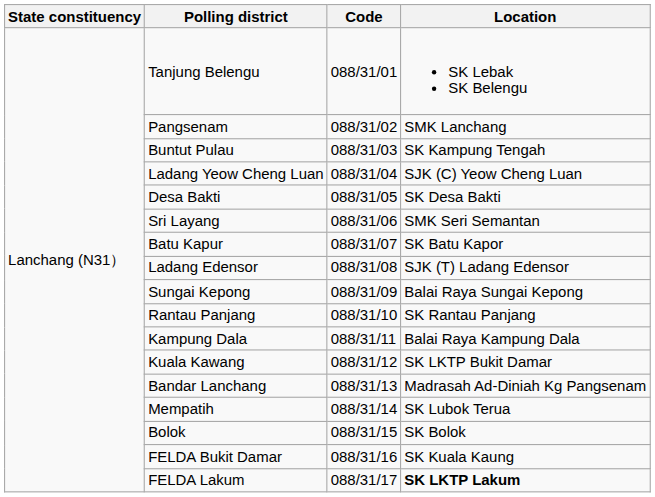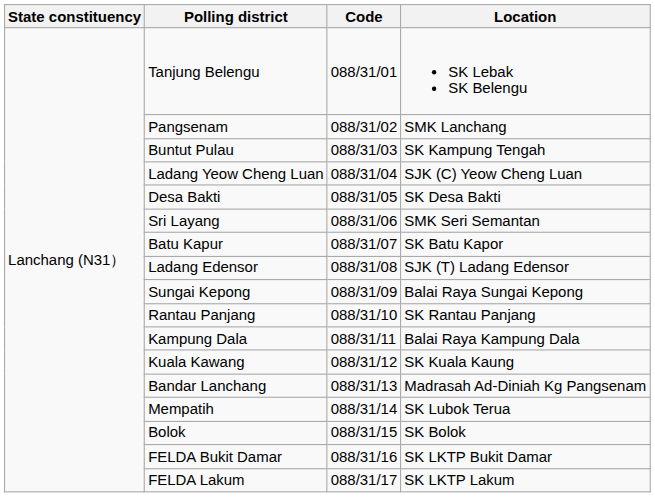 <table class="wikitable sortable mw-collapsible" style="white-space:nowrap;font-size:85%">
 <tr>
 <th>State constituency</th>
 <th>Polling district</th>
 <th>Code</th>
 <th>Location</th>
 </tr>
 <tr>
 <td rowspan="17">Lanchang (N31）</td>
 <td>Tanjung Belengu</td>
 <td>088/31/01</td>
 <td><br><ul><li>SK Lebak</li><li>SK Belengu</li></ul></td>
 </tr>
 <tr>
 <td>Pangsenam</td>
 <td>088/31/02</td>
 <td>SMK Lanchang</td>
 </tr>
 <tr>
 <td>Buntut Pulau</td>
 <td>088/31/03</td>
 <td>SK Kampung Tengah</td>
 </tr>
 <tr>
 <td>Ladang Yeow Cheng Luan</td>
 <td>088/31/04</td>
 <td>SJK (C) Yeow Cheng Luan</td>
 </tr>
 <tr>
 <td>Desa Bakti</td>
 <td>088/31/05</td>
 <td>SK Desa Bakti</td>
 </tr>
 <tr>
 <td>Sri Layang</td>
 <td>088/31/06</td>
 <td>SMK Seri Semantan</td>
 </tr>
 <tr>
 <td>Batu Kapur</td>
 <td>088/31/07</td>
 <td>SK Batu Kapor</td>
 </tr>
 <tr>
 <td>Ladang Edensor</td>
 <td>088/31/08</td>
 <td>SJK (T) Ladang Edensor</td>
 </tr>
 <tr>
 <td>Sungai Kepong</td>
 <td>088/31/09</td>
 <td>Balai Raya Sungai Kepong</td>
 </tr>
 <tr>
 <td>Rantau Panjang</td>
 <td>088/31/10</td>
 <td>SK Rantau Panjang</td>
 </tr>
 <tr>
 <td>Kampung Dala</td>
 <td>088/31/11</td>
 <td>Balai Raya Kampung Dala</td>
 </tr>
 <tr>
 <td>Kuala Kawang</td>
 <td>088/31/12</td>
-<td>SK LKTP Bukit Damar</td>
+<td>SK Kuala Kaung</td>
 </tr>
 <tr>
 <td>Bandar Lanchang</td>
 <td>088/31/13</td>
 <td>Madrasah Ad-Diniah Kg Pangsenam</td>
 </tr>
 <tr>
 <td>Mempatih</td>
 <td>088/31/14</td>
 <td>SK Lubok Terua</td>
 </tr>
 <tr>
 <td>Bolok</td>
 <td>088/31/15</td>
 <td>SK Bolok</td>
 </tr>
 <tr>
 <td>FELDA Bukit Damar</td>
 <td>088/31/16</td>
-<td>SK Kuala Kaung</td>
+<td>SK LKTP Bukit Damar</td>
 </tr>
 <tr>
 <td>FELDA Lakum</td>
 <td>088/31/17</td>
-<td><strong>SK LKTP Lakum</strong></td>
+<td>SK LKTP Lakum</td>
 </tr>
 </table>
